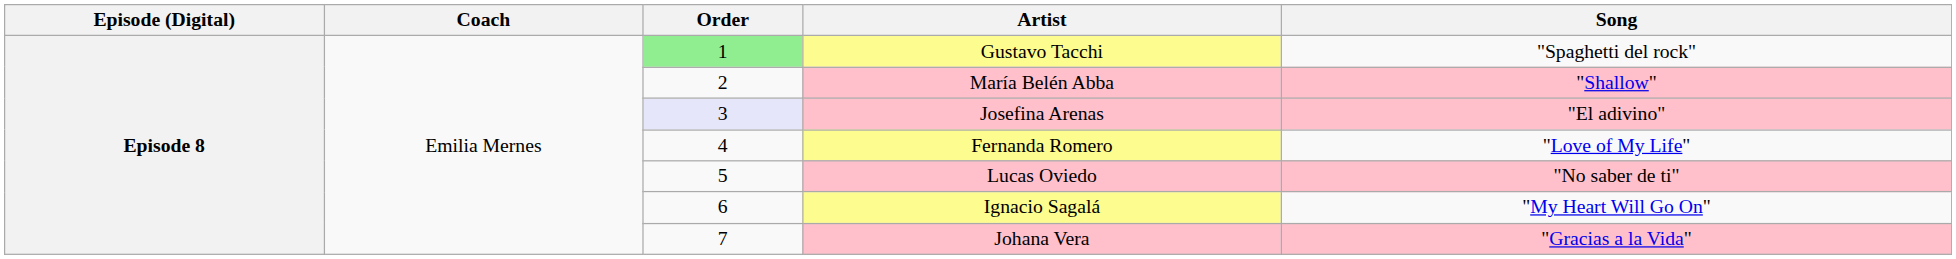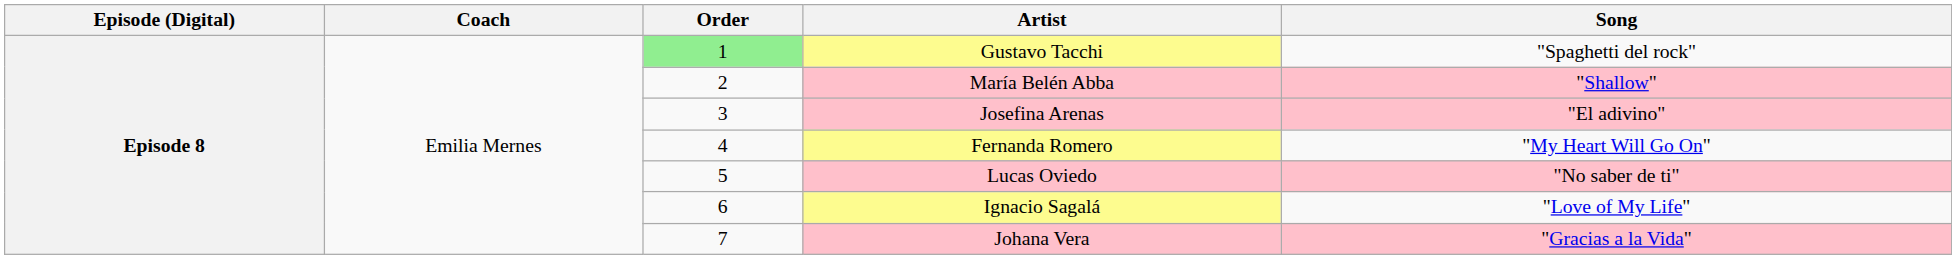 <table class="wikitable" style="text-align:center; width:100%">
 <tr>
 <th style="width:10%">Episode (Digital)</th>
 <th style="width:10%">Coach</th>
 <th style="width:05%">Order</th>
 <th style="width:15%">Artist</th>
 <th style="width:21%">Song</th>
 </tr>
 <tr>
 <th rowspan="7">Episode 8<br></th>
 <td rowspan="7">Emilia Mernes</td>
 <td style="background: lightgreen;">1</td>
 <td style="background:#fdfc8f">Gustavo Tacchi</td>
 <td>"Spaghetti del rock"</td>
 </tr>
 <tr>
 <td>2</td>
 <td style="background:pink">María Belén Abba</td>
 <td style="background:pink">"<a href='#'>Shallow</a>"</td>
 </tr>
 <tr>
-<td style="background: lavender;">3</td>
+<td>3</td>
 <td style="background:pink">Josefina Arenas</td>
 <td style="background:pink">"El adivino"</td>
 </tr>
 <tr>
 <td>4</td>
 <td style="background:#fdfc8f">Fernanda Romero</td>
-<td>"<a href='#'>Love of My Life</a>"</td>
+<td>"<a href='#'>My Heart Will Go On</a>"</td>
 </tr>
 <tr>
 <td>5</td>
 <td style="background:pink">Lucas Oviedo</td>
 <td style="background:pink">"No saber de ti"</td>
 </tr>
 <tr>
 <td>6</td>
 <td style="background:#fdfc8f">Ignacio Sagalá</td>
-<td>"<a href='#'>My Heart Will Go On</a>"</td>
+<td>"<a href='#'>Love of My Life</a>"</td>
 </tr>
 <tr>
 <td>7</td>
 <td style="background:pink">Johana Vera</td>
 <td style="background:pink">"<a href='#'>Gracias a la Vida</a>"</td>
 </tr>
 </table>
